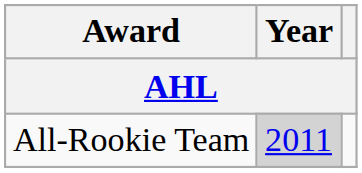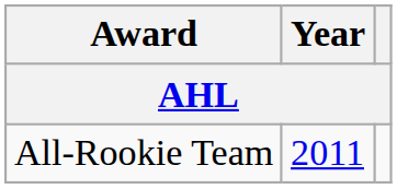 <table class="wikitable">
 <tr>
 <th>Award</th>
 <th>Year</th>
 <th></th>
 </tr>
 <tr>
 <th colspan="3"><a href='#'>AHL</a></th>
 </tr>
 <tr>
 <td>All-Rookie Team</td>
-<td style="background: lightgrey;"><a href='#'>2011</a></td>
+<td><a href='#'>2011</a></td>
 <td></td>
 </tr>
 </table>
